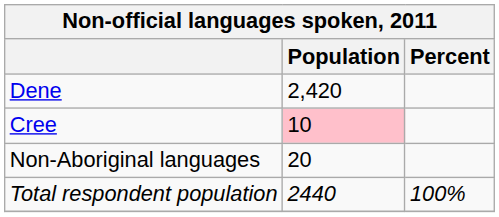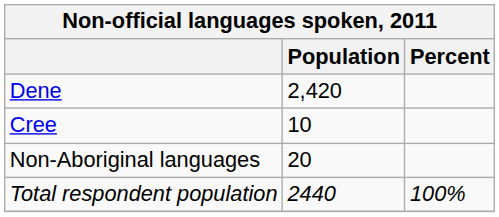 <table class="wikitable">
 <tr>
 <th colspan=3>Non-official languages spoken, 2011</th>
 </tr>
 <tr>
 <th></th>
 <th>Population</th>
 <th>Percent</th>
 </tr>
 <tr>
 <td><a href='#'>Dene</a></td>
 <td>2,420</td>
 <td></td>
 </tr>
 <tr>
 <td><a href='#'>Cree</a></td>
-<td style="background: pink;">10</td>
+<td>10</td>
 <td></td>
 </tr>
 <tr>
 <td>Non-Aboriginal languages</td>
 <td>20</td>
 <td></td>
 </tr>
 <tr>
 <td><em>Total respondent population</em></td>
 <td><em>2440</em></td>
 <td><em>100%</em></td>
 </tr>
 <tr>
 </tr>
 </table>
